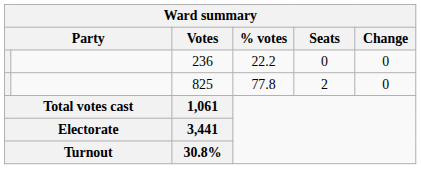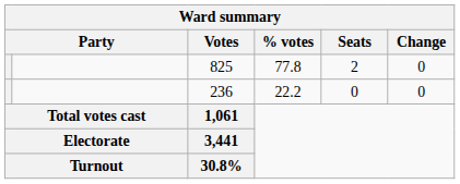 <table class="wikitable" style="font-size: 95%;">
 <tr>
 <th colspan="6">Ward summary</th>
 </tr>
 <tr>
 <th colspan="2">Party</th>
 <th style="width: 60px">Votes</th>
 <th style="width: 60px">% votes</th>
 <th style="width: 60px">Seats</th>
 <th style="width: 60px">Change</th>
 </tr>
 <tr>
 <th style="background-color: "></th>
 <td style="width: 170px"><a href='#'></a></td>
-<td style="text-align:center;">236</td>
-<td style="text-align:center;">22.2</td>
-<td style="text-align:center;">0</td>
+<td style="text-align:center;">825</td>
+<td style="text-align:center;">77.8</td>
+<td style="text-align:center;">2</td>
 <td style="text-align:center;">0</td>
 </tr>
 <tr>
 <th style="background-color: "></th>
 <td style="width: 170px"><a href='#'></a></td>
-<td style="text-align:center;">825</td>
-<td style="text-align:center;">77.8</td>
-<td style="text-align:center;">2</td>
+<td style="text-align:center;">236</td>
+<td style="text-align:center;">22.2</td>
+<td style="text-align:center;">0</td>
 <td style="text-align:center;">0</td>
 </tr>
 <tr style="background:#e9e9e9;">
 <th colspan="2">Total votes cast</th>
 <th style="width: 60px">1,061</th>
 </tr>
 <tr style="background:#e9e9e9;">
 <th colspan="2">Electorate</th>
 <th style="width: 60px">3,441</th>
 </tr>
 <tr style="background:#e9e9e9;">
 <th colspan="2">Turnout</th>
 <th style="width: 60px">30.8%</th>
 </tr>
 </table>
